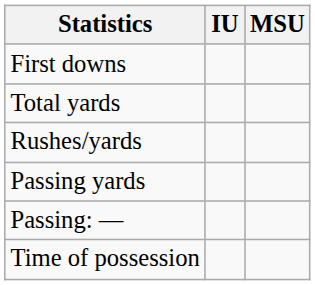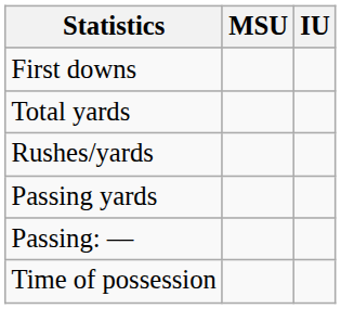 <table class="wikitable" style="float:left">
 <tr>
 <th>Statistics</th>
+<th>MSU</th>
 <th>IU</th>
-<th>MSU</th>
 </tr>
 <tr>
 <td>First downs</td>
 <td></td>
 <td></td>
 </tr>
 <tr>
 <td>Total yards</td>
 <td></td>
 <td></td>
 </tr>
 <tr>
 <td>Rushes/yards</td>
 <td></td>
 <td></td>
 </tr>
 <tr>
 <td>Passing yards</td>
 <td></td>
 <td></td>
 </tr>
 <tr>
 <td>Passing: ––</td>
 <td></td>
 <td></td>
 </tr>
 <tr>
 <td>Time of possession</td>
 <td></td>
 <td></td>
 </tr>
 </table>
